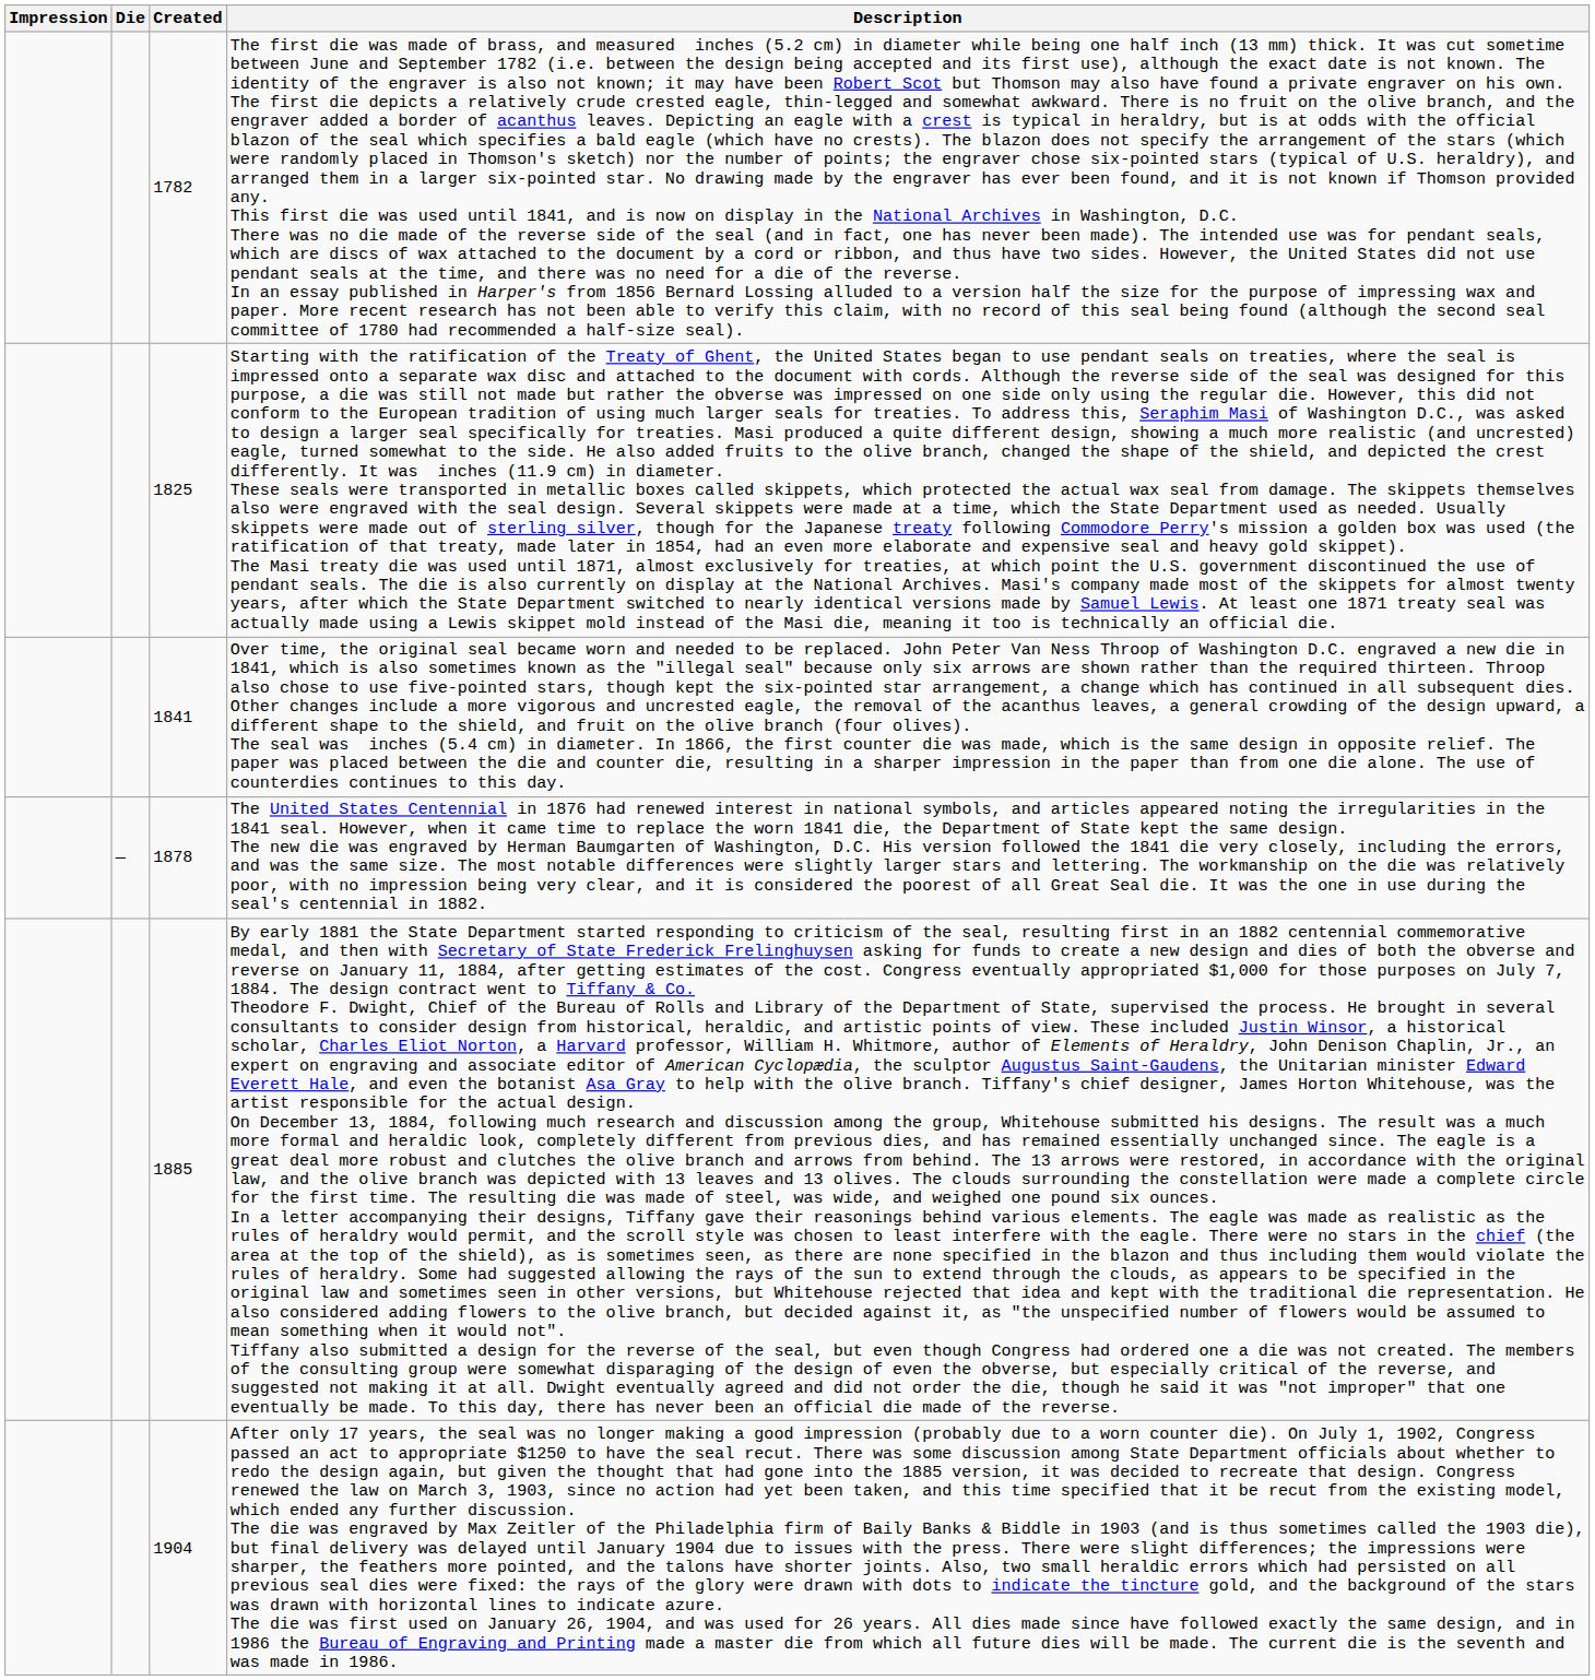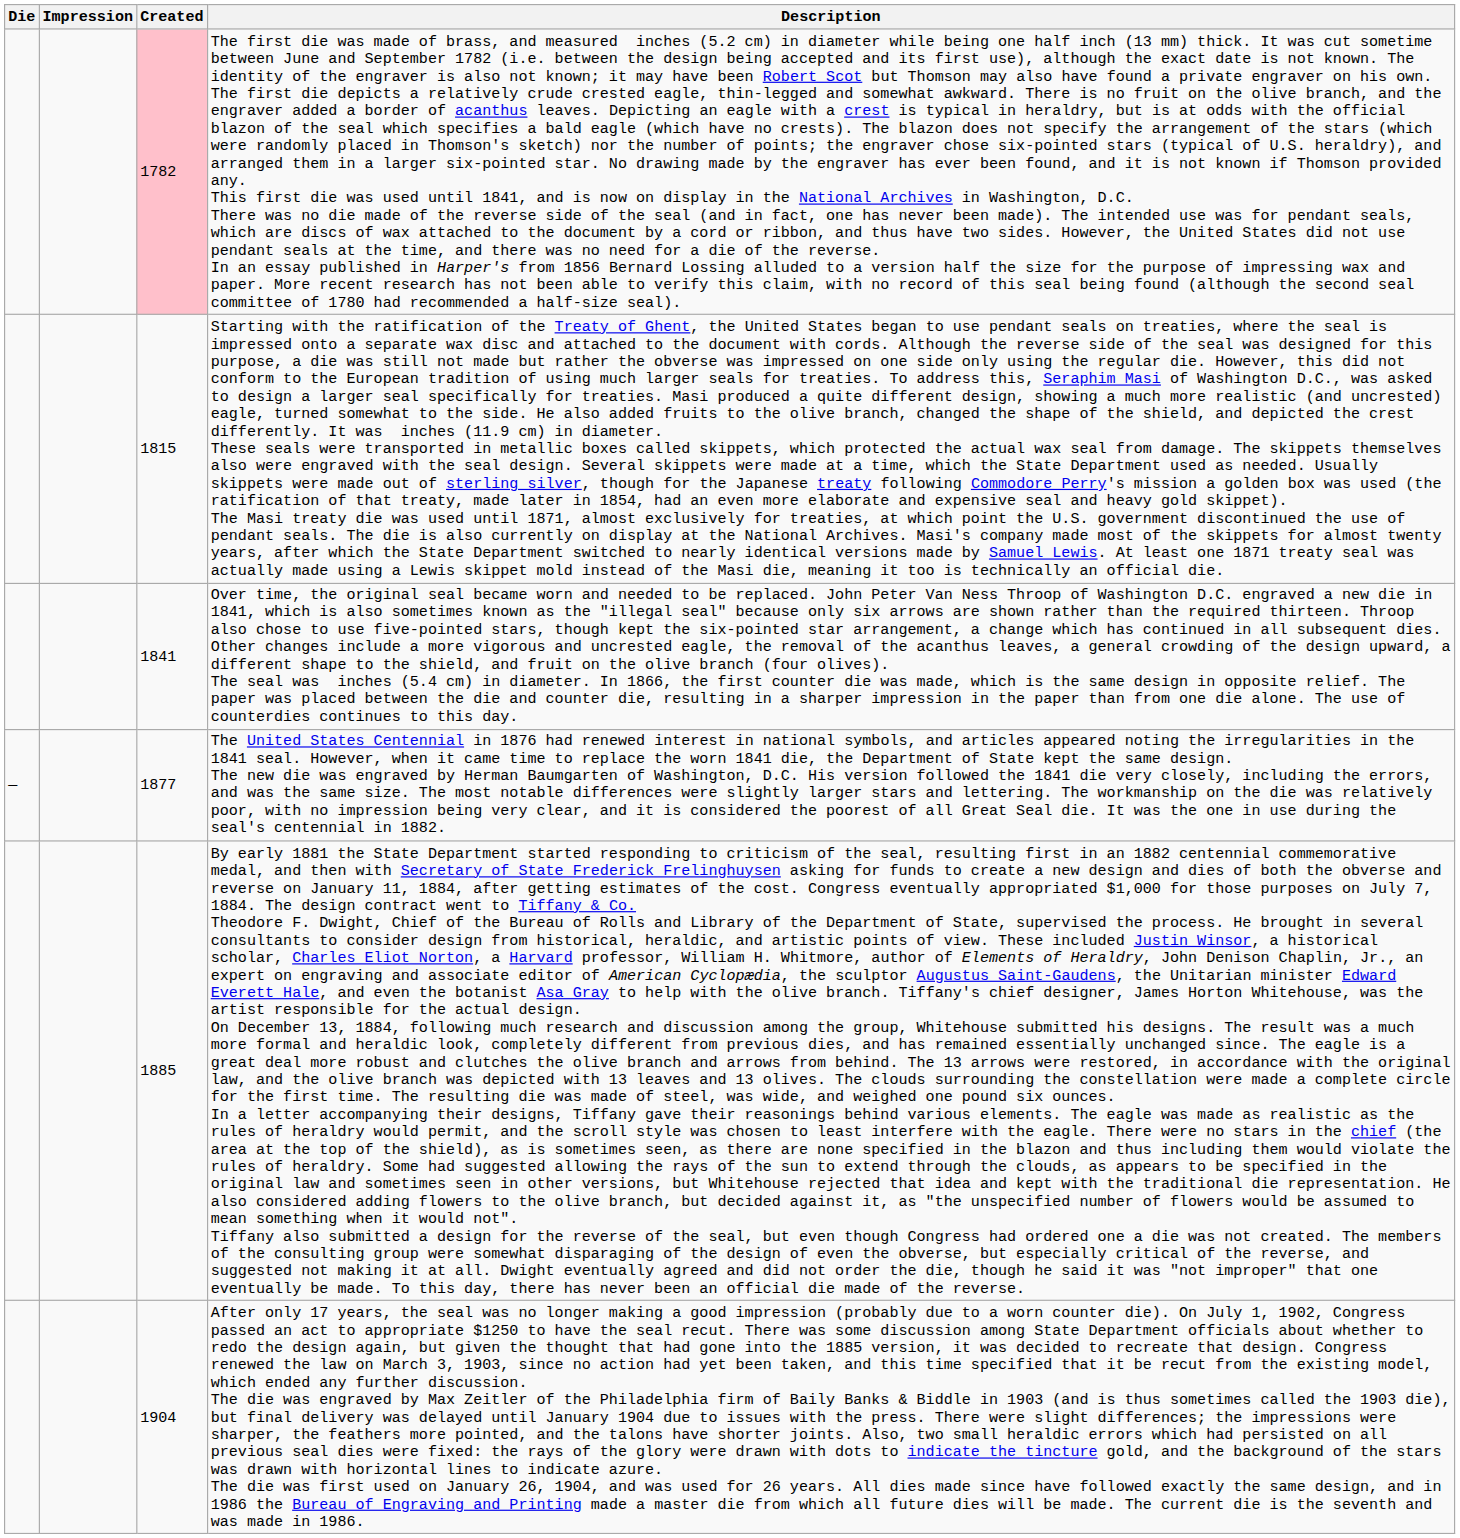 <table class="wikitable">
 <tr>
+<th>Die</th>
 <th>Impression</th>
-<th>Die</th>
 <th>Created</th>
 <th>Description</th>
 </tr>
 <tr>
+<td></td>
 <td><br></td>
-<td></td>
-<td>1782</td>
+<td style="background: pink;">1782</td>
 <td>The first die was made of brass, and measured  inches (5.2 cm) in diameter while being one half inch (13 mm) thick. It was cut sometime between June and September 1782 (i.e. between the design being accepted and its first use), although the exact date is not known. The identity of the engraver is also not known; it may have been <a href='#'>Robert Scot</a> but Thomson may also have found a private engraver on his own.<br>The first die depicts a relatively crude crested eagle, thin-legged and somewhat awkward. There is no fruit on the olive branch, and the engraver added a border of <a href='#'>acanthus</a> leaves. Depicting an eagle with a <a href='#'>crest</a> is typical in heraldry, but is at odds with the official blazon of the seal which specifies a bald eagle (which have no crests). The blazon does not specify the arrangement of the stars (which were randomly placed in Thomson's sketch) nor the number of points; the engraver chose six-pointed stars (typical of U.S. heraldry), and arranged them in a larger six-pointed star. No drawing made by the engraver has ever been found, and it is not known if Thomson provided any.<br>This first die was used until 1841, and is now on display in the <a href='#'>National Archives</a> in Washington, D.C.<br>There was no die made of the reverse side of the seal (and in fact, one has never been made). The intended use was for pendant seals, which are discs of wax attached to the document by a cord or ribbon, and thus have two sides. However, the United States did not use pendant seals at the time, and there was no need for a die of the reverse.<br>In an essay published in <em>Harper's</em> from 1856 Bernard Lossing alluded to a version half the size for the purpose of impressing wax and paper. More recent research has not been able to verify this claim, with no record of this seal being found (although the second seal committee of 1780 had recommended a half-size seal).</td>
 </tr>
 <tr>
 <td></td>
 <td></td>
-<td>1825</td>
+<td>1815</td>
 <td>Starting with the ratification of the <a href='#'>Treaty of Ghent</a>, the United States began to use pendant seals on treaties, where the seal is impressed onto a separate wax disc and attached to the document with cords. Although the reverse side of the seal was designed for this purpose, a die was still not made but rather the obverse was impressed on one side only using the regular die. However, this did not conform to the European tradition of using much larger seals for treaties. To address this, <a href='#'>Seraphim Masi</a> of Washington D.C., was asked to design a larger seal specifically for treaties. Masi produced a quite different design, showing a much more realistic (and uncrested) eagle, turned somewhat to the side. He also added fruits to the olive branch, changed the shape of the shield, and depicted the crest differently. It was  inches (11.9 cm) in diameter.<br>These seals were transported in metallic boxes called skippets, which protected the actual wax seal from damage. The skippets themselves also were engraved with the seal design. Several skippets were made at a time, which the State Department used as needed. Usually skippets were made out of <a href='#'>sterling silver</a>, though for the Japanese <a href='#'>treaty</a> following <a href='#'>Commodore Perry</a>'s mission a golden box was used (the ratification of that treaty, made later in 1854, had an even more elaborate and expensive seal and heavy gold skippet).<br>The Masi treaty die was used until 1871, almost exclusively for treaties, at which point the U.S. government discontinued the use of pendant seals. The die is also currently on display at the National Archives. Masi's company made most of the skippets for almost twenty years, after which the State Department switched to nearly identical versions made by <a href='#'>Samuel Lewis</a>. At least one 1871 treaty seal was actually made using a Lewis skippet mold instead of the Masi die, meaning it too is technically an official die.</td>
 </tr>
 <tr>
 <td></td>
 <td></td>
 <td>1841</td>
 <td>Over time, the original seal became worn and needed to be replaced. John Peter Van Ness Throop of Washington D.C. engraved a new die in 1841, which is also sometimes known as the "illegal seal" because only six arrows are shown rather than the required thirteen. Throop also chose to use five-pointed stars, though kept the six-pointed star arrangement, a change which has continued in all subsequent dies. Other changes include a more vigorous and uncrested eagle, the removal of the acanthus leaves, a general crowding of the design upward, a different shape to the shield, and fruit on the olive branch (four olives).<br>The seal was  inches (5.4 cm) in diameter. In 1866, the first counter die was made, which is the same design in opposite relief. The paper was placed between the die and counter die, resulting in a sharper impression in the paper than from one die alone. The use of counterdies continues to this day.</td>
 </tr>
 <tr>
+<td>—</td>
 <td></td>
-<td>—</td>
-<td>1878</td>
+<td>1877</td>
 <td>The <a href='#'>United States Centennial</a> in 1876 had renewed interest in national symbols, and articles appeared noting the irregularities in the 1841 seal. However, when it came time to replace the worn 1841 die, the Department of State kept the same design.<br>The new die was engraved by Herman Baumgarten of Washington, D.C. His version followed the 1841 die very closely, including the errors, and was the same size. The most notable differences were slightly larger stars and lettering. The workmanship on the die was relatively poor, with no impression being very clear, and it is considered the poorest of all Great Seal die. It was the one in use during the seal's centennial in 1882.</td>
 </tr>
 <tr>
 <td></td>
 <td></td>
 <td>1885</td>
 <td>By early 1881 the State Department started responding to criticism of the seal, resulting first in an 1882 centennial commemorative medal, and then with <a href='#'>Secretary of State Frederick Frelinghuysen</a> asking for funds to create a new design and dies of both the obverse and reverse on January 11, 1884, after getting estimates of the cost. Congress eventually appropriated $1,000 for those purposes on July 7, 1884. The design contract went to <a href='#'>Tiffany & Co.</a><br>Theodore F. Dwight, Chief of the Bureau of Rolls and Library of the Department of State, supervised the process. He brought in several consultants to consider design from historical, heraldic, and artistic points of view. These included <a href='#'>Justin Winsor</a>, a historical scholar, <a href='#'>Charles Eliot Norton</a>, a <a href='#'>Harvard</a> professor, William H. Whitmore, author of <em>Elements of Heraldry</em>, John Denison Chaplin, Jr., an expert on engraving and associate editor of <em>American Cyclopædia</em>, the sculptor <a href='#'>Augustus Saint-Gaudens</a>, the Unitarian minister <a href='#'>Edward Everett Hale</a>, and even the botanist <a href='#'>Asa Gray</a> to help with the olive branch. Tiffany's chief designer, James Horton Whitehouse, was the artist responsible for the actual design.<br>On December 13, 1884, following much research and discussion among the group, Whitehouse submitted his designs. The result was a much more formal and heraldic look, completely different from previous dies, and has remained essentially unchanged since. The eagle is a great deal more robust and clutches the olive branch and arrows from behind. The 13 arrows were restored, in accordance with the original law, and the olive branch was depicted with 13 leaves and 13 olives. The clouds surrounding the constellation were made a complete circle for the first time. The resulting die was made of steel, was  wide, and weighed one pound six ounces.<br>In a letter accompanying their designs, Tiffany gave their reasonings behind various elements. The eagle was made as realistic as the rules of heraldry would permit, and the scroll style was chosen to least interfere with the eagle. There were no stars in the <a href='#'>chief</a> (the area at the top of the shield), as is sometimes seen, as there are none specified in the blazon and thus including them would violate the rules of heraldry. Some had suggested allowing the rays of the sun to extend through the clouds, as appears to be specified in the original law and sometimes seen in other versions, but Whitehouse rejected that idea and kept with the traditional die representation. He also considered adding flowers to the olive branch, but decided against it, as "the unspecified number of flowers would be assumed to mean something when it would not".<br>Tiffany also submitted a design for the reverse of the seal, but even though Congress had ordered one a die was not created. The members of the consulting group were somewhat disparaging of the design of even the obverse, but especially critical of the reverse, and suggested not making it at all. Dwight eventually agreed and did not order the die, though he said it was "not improper" that one eventually be made. To this day, there has never been an official die made of the reverse.</td>
 </tr>
 <tr>
 <td></td>
 <td></td>
 <td>1904</td>
 <td>After only 17 years, the seal was no longer making a good impression (probably due to a worn counter die). On July 1, 1902, Congress passed an act to appropriate $1250 to have the seal recut. There was some discussion among State Department officials about whether to redo the design again, but given the thought that had gone into the 1885 version, it was decided to recreate that design. Congress renewed the law on March 3, 1903, since no action had yet been taken, and this time specified that it be recut from the existing model, which ended any further discussion.<br>The die was engraved by Max Zeitler of the Philadelphia firm of Baily Banks & Biddle in 1903 (and is thus sometimes called the 1903 die), but final delivery was delayed until January 1904 due to issues with the press. There were slight differences; the impressions were sharper, the feathers more pointed, and the talons have shorter joints. Also, two small heraldic errors which had persisted on all previous seal dies were fixed: the rays of the glory were drawn with dots to <a href='#'>indicate the tincture</a> gold, and the background of the stars was drawn with horizontal lines to indicate azure.<br>The die was first used on January 26, 1904, and was used for 26 years. All dies made since have followed exactly the same design, and in 1986 the <a href='#'>Bureau of Engraving and Printing</a> made a master die from which all future dies will be made. The current die is the seventh and was made in 1986.</td>
 </tr>
 </table>
